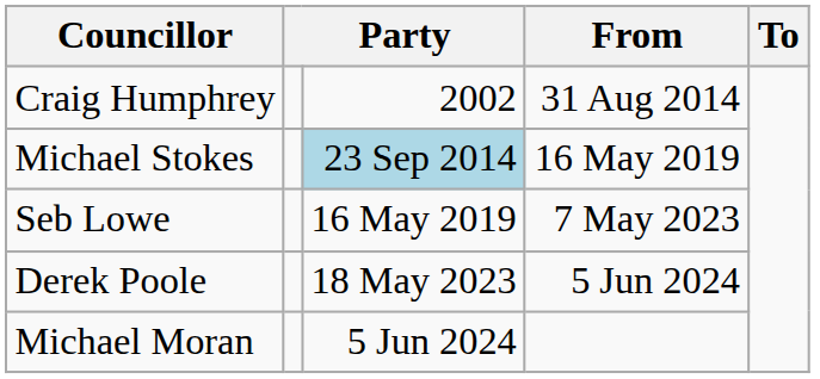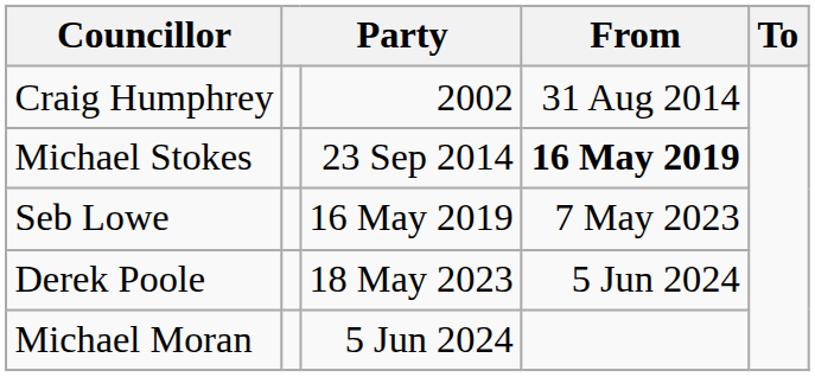 <table class=wikitable>
 <tr>
 <th>Councillor</th>
 <th colspan=2>Party</th>
 <th>From</th>
 <th>To</th>
 </tr>
 <tr>
 <td>Craig Humphrey</td>
 <td></td>
 <td align=right>2002</td>
 <td align=right>31 Aug 2014</td>
 </tr>
 <tr>
 <td>Michael Stokes</td>
 <td></td>
-<td align=right style="background: lightblue;">23 Sep 2014</td>
-<td align=right>16 May 2019</td>
+<td align=right>23 Sep 2014</td>
+<td align=right><strong>16 May 2019</strong></td>
 </tr>
 <tr>
 <td>Seb Lowe</td>
 <td></td>
 <td align=right>16 May 2019</td>
 <td align=right>7 May 2023</td>
 </tr>
 <tr>
 <td>Derek Poole</td>
 <td></td>
 <td align=right>18 May 2023</td>
 <td align=right>5 Jun 2024</td>
 </tr>
 <tr>
 <td>Michael Moran</td>
 <td></td>
 <td align=right>5 Jun 2024</td>
 <td align=right></td>
 </tr>
 </table>
